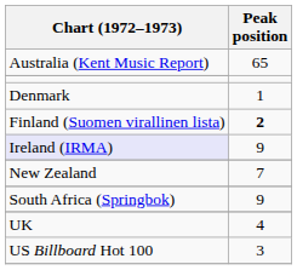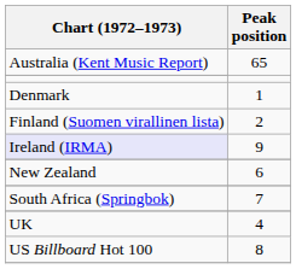 <table class="wikitable sortable">
 <tr>
 <th>Chart (1972–1973)</th>
 <th>Peak<br>position</th>
 </tr>
 <tr>
 <td>Australia (<a href='#'>Kent Music Report</a>)</td>
 <td style="text-align:center;">65</td>
 </tr>
 <tr>
 </tr>
 <tr>
 </tr>
 <tr>
 <td></td>
 </tr>
 <tr>
 <td>Denmark</td>
 <td style="text-align:center;">1</td>
 </tr>
 <tr>
 <td>Finland (<a href='#'>Suomen virallinen lista</a>)</td>
-<td align="center"><strong>2</strong></td>
+<td align="center">2</td>
 </tr>
 <tr>
 <td style="background: lavender;">Ireland (<a href='#'>IRMA</a>)</td>
 <td style="text-align:center;">9</td>
 </tr>
 <tr>
 </tr>
 <tr>
 </tr>
 <tr>
 <td>New Zealand </td>
-<td style="text-align:center;">7</td>
+<td style="text-align:center;">6</td>
 </tr>
 <tr>
 </tr>
 <tr>
 <td>South Africa (<a href='#'>Springbok</a>) </td>
-<td align="center">9</td>
+<td align="center">7</td>
 </tr>
 <tr>
 </tr>
 <tr>
 <td>UK </td>
 <td style="text-align:center;">4</td>
 </tr>
 <tr>
 <td>US <em>Billboard</em> Hot 100 </td>
-<td style="text-align:center;">3</td>
+<td style="text-align:center;">8</td>
 </tr>
 <tr>
 </tr>
 </table>
